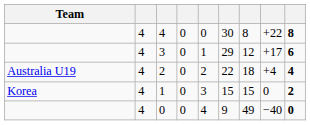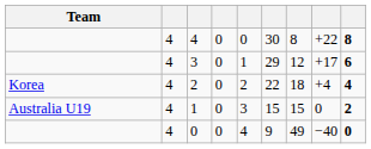 <table class="wikitable">
 <tr>
 <th width=165>Team</th>
 <th width=20></th>
 <th width=20></th>
 <th width=20></th>
 <th width=20></th>
 <th width=20></th>
 <th width=20></th>
 <th width=20></th>
 <th width=20></th>
 </tr>
 <tr>
 <td style="text-align:left;"></td>
 <td>4</td>
 <td>4</td>
 <td>0</td>
 <td>0</td>
 <td>30</td>
 <td>8</td>
 <td>+22</td>
 <td><strong>8</strong></td>
 </tr>
 <tr>
 <td style="text-align:left;"></td>
 <td>4</td>
 <td>3</td>
 <td>0</td>
 <td>1</td>
 <td>29</td>
 <td>12</td>
 <td>+17</td>
 <td><strong>6</strong></td>
 </tr>
 <tr>
-<td style="text-align:left;"> <a href='#'>Australia U19</a></td>
+<td style="text-align:left;"> <a href='#'>Korea</a></td>
 <td>4</td>
 <td>2</td>
 <td>0</td>
 <td>2</td>
 <td>22</td>
 <td>18</td>
 <td>+4</td>
 <td><strong>4</strong></td>
 </tr>
 <tr>
-<td style="text-align:left;"> <a href='#'>Korea</a></td>
+<td style="text-align:left;"> <a href='#'>Australia U19</a></td>
 <td>4</td>
 <td>1</td>
 <td>0</td>
 <td>3</td>
 <td>15</td>
 <td>15</td>
 <td>0</td>
 <td><strong>2</strong></td>
 </tr>
 <tr>
 <td style="text-align:left;"></td>
 <td>4</td>
 <td>0</td>
 <td>0</td>
 <td>4</td>
 <td>9</td>
 <td>49</td>
 <td>−40</td>
 <td><strong>0</strong></td>
 </tr>
 </table>
